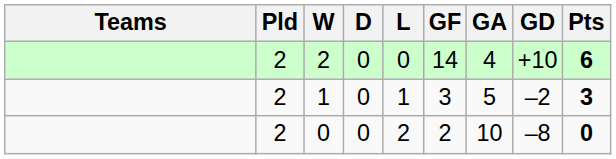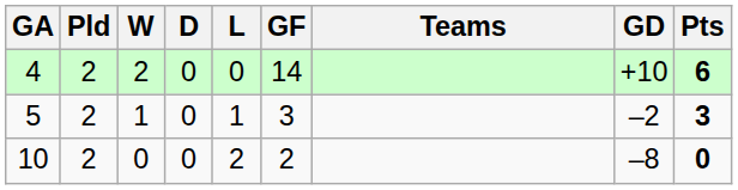 <table class="wikitable" style="text-align: center;">
 <tr>
-<th width=165>Teams</th>
+<th width=20>GA</th>
 <th width=20>Pld</th>
 <th width=20>W</th>
 <th width=20>D</th>
 <th width=20>L</th>
 <th width=20>GF</th>
-<th width=20>GA</th>
+<th width=165>Teams</th>
 <th width=20>GD</th>
 <th width=20>Pts</th>
 </tr>
 <tr align=center style="background:#ccffcc;">
-<td style="text-align:left;"></td>
+<td>4</td>
 <td>2</td>
 <td>2</td>
 <td>0</td>
 <td>0</td>
 <td>14</td>
-<td>4</td>
+<td style="text-align:left;"></td>
 <td>+10</td>
 <td><strong>6</strong></td>
 </tr>
 <tr align=center>
-<td style="text-align:left;"></td>
+<td>5</td>
 <td>2</td>
 <td>1</td>
 <td>0</td>
 <td>1</td>
 <td>3</td>
-<td>5</td>
+<td style="text-align:left;"></td>
 <td>–2</td>
 <td><strong>3</strong></td>
 </tr>
 <tr align=center>
-<td style="text-align:left;"></td>
+<td>10</td>
 <td>2</td>
 <td>0</td>
 <td>0</td>
 <td>2</td>
 <td>2</td>
-<td>10</td>
+<td style="text-align:left;"></td>
 <td>–8</td>
 <td><strong>0</strong></td>
 </tr>
 </table>
